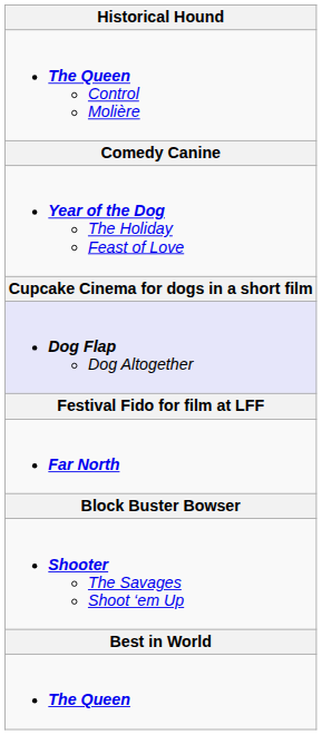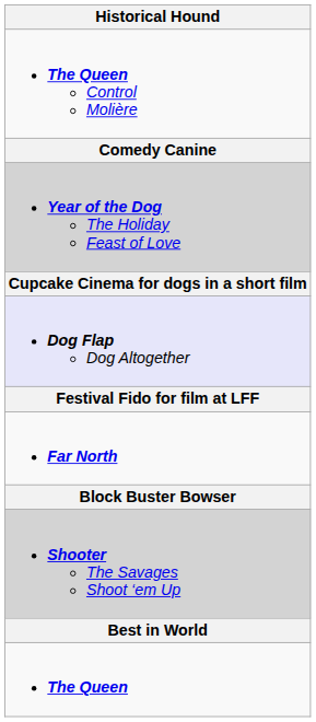 <table class="wikitable">
 <tr>
 <th><strong>Historical Hound </strong></th>
 </tr>
 <tr>
 <td><br><ul><li><strong><a href='#'><em>The Queen</em></a></strong><ul><li><a href='#'><em>Control</em></a></li><li><a href='#'><em>Molière</em></a></li></ul></li></ul></td>
 </tr>
 <tr>
 <th>Comedy Canine</th>
 </tr>
 <tr>
-<td><br><ul><li><strong><a href='#'><em>Year of the Dog</em></a></strong><ul><li><em><a href='#'>The Holiday</a></em></li><li><em><a href='#'>Feast of Love</a></em></li></ul></li></ul></td>
+<td style="background: lightgrey;"><br><ul><li><strong><a href='#'><em>Year of the Dog</em></a></strong><ul><li><em><a href='#'>The Holiday</a></em></li><li><em><a href='#'>Feast of Love</a></em></li></ul></li></ul></td>
 </tr>
 <tr>
 <th>Cupcake Cinema for dogs in a short film</th>
 </tr>
 <tr>
 <td style="background: lavender;"><br><ul><li><strong><em>Dog Flap</em></strong><ul><li><em>Dog Altogether</em></li></ul></li></ul></td>
 </tr>
 <tr>
 <th>Festival Fido for film at LFF</th>
 </tr>
 <tr>
 <td><br><ul><li><strong><a href='#'><em>Far North</em></a></strong></li></ul></td>
 </tr>
 <tr>
 <th>Block Buster Bowser</th>
 </tr>
 <tr>
-<td><br><ul><li><strong><a href='#'><em>Shooter</em></a></strong><ul><li><a href='#'><em>The Savages</em></a></li><li><a href='#'><em>Shoot ‘em Up</em></a></li></ul></li></ul></td>
+<td style="background: lightgrey;"><br><ul><li><strong><a href='#'><em>Shooter</em></a></strong><ul><li><a href='#'><em>The Savages</em></a></li><li><a href='#'><em>Shoot ‘em Up</em></a></li></ul></li></ul></td>
 </tr>
 <tr>
 <th>Best in World</th>
 </tr>
 <tr>
 <td><br><ul><li><strong><a href='#'><em>The Queen</em></a></strong></li></ul></td>
 </tr>
 </table>
